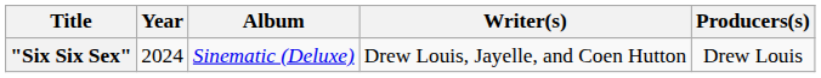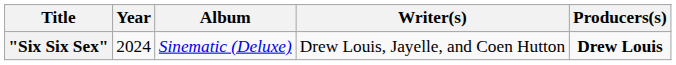 <table class="wikitable plainrowheaders" style=text-align:center;>
 <tr>
 <th scope="col">Title</th>
 <th scope="col">Year</th>
 <th scope="col">Album</th>
 <th scope="col">Writer(s)</th>
 <th scope="col">Producers(s)</th>
 </tr>
 <tr>
 <th scope="row">"Six Six Sex"<br></th>
 <td rowspan="2">2024</td>
 <td><em><a href='#'>Sinematic (Deluxe)</a></em></td>
 <td>Drew Louis, Jayelle, and Coen Hutton</td>
-<td>Drew Louis</td>
+<td><strong>Drew Louis</strong></td>
 </tr>
 </table>
